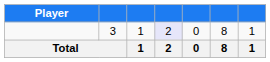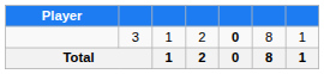 <table class="wikitable sortable" style="width:60%; text-align:center;">
 <tr>
 <th style="color:white; background:#1D7CF2; ">Player</th>
 <th style="color:white; background:#1D7CF2; "></th>
 <th style="color:white; background:#1D7CF2; "></th>
 <th style="color:white; background:#1D7CF2; "></th>
 <th style="color:white; background:#1D7CF2; "></th>
 <th style="color:white; background:#1D7CF2; "></th>
 <th style="color:white; background:#1D7CF2; "></th>
 </tr>
 <tr>
 <td></td>
 <td>3</td>
 <td>1</td>
-<td style="background: lavender;">2</td>
-<td>0</td>
+<td>2</td>
+<td><strong>0</strong></td>
 <td>8</td>
 <td>1</td>
 </tr>
 <tr class="sortbottom">
 <th colspan=2>Total</th>
 <th>1</th>
 <th>2</th>
 <th>0</th>
 <th>8</th>
 <th>1</th>
 </tr>
 </table>
